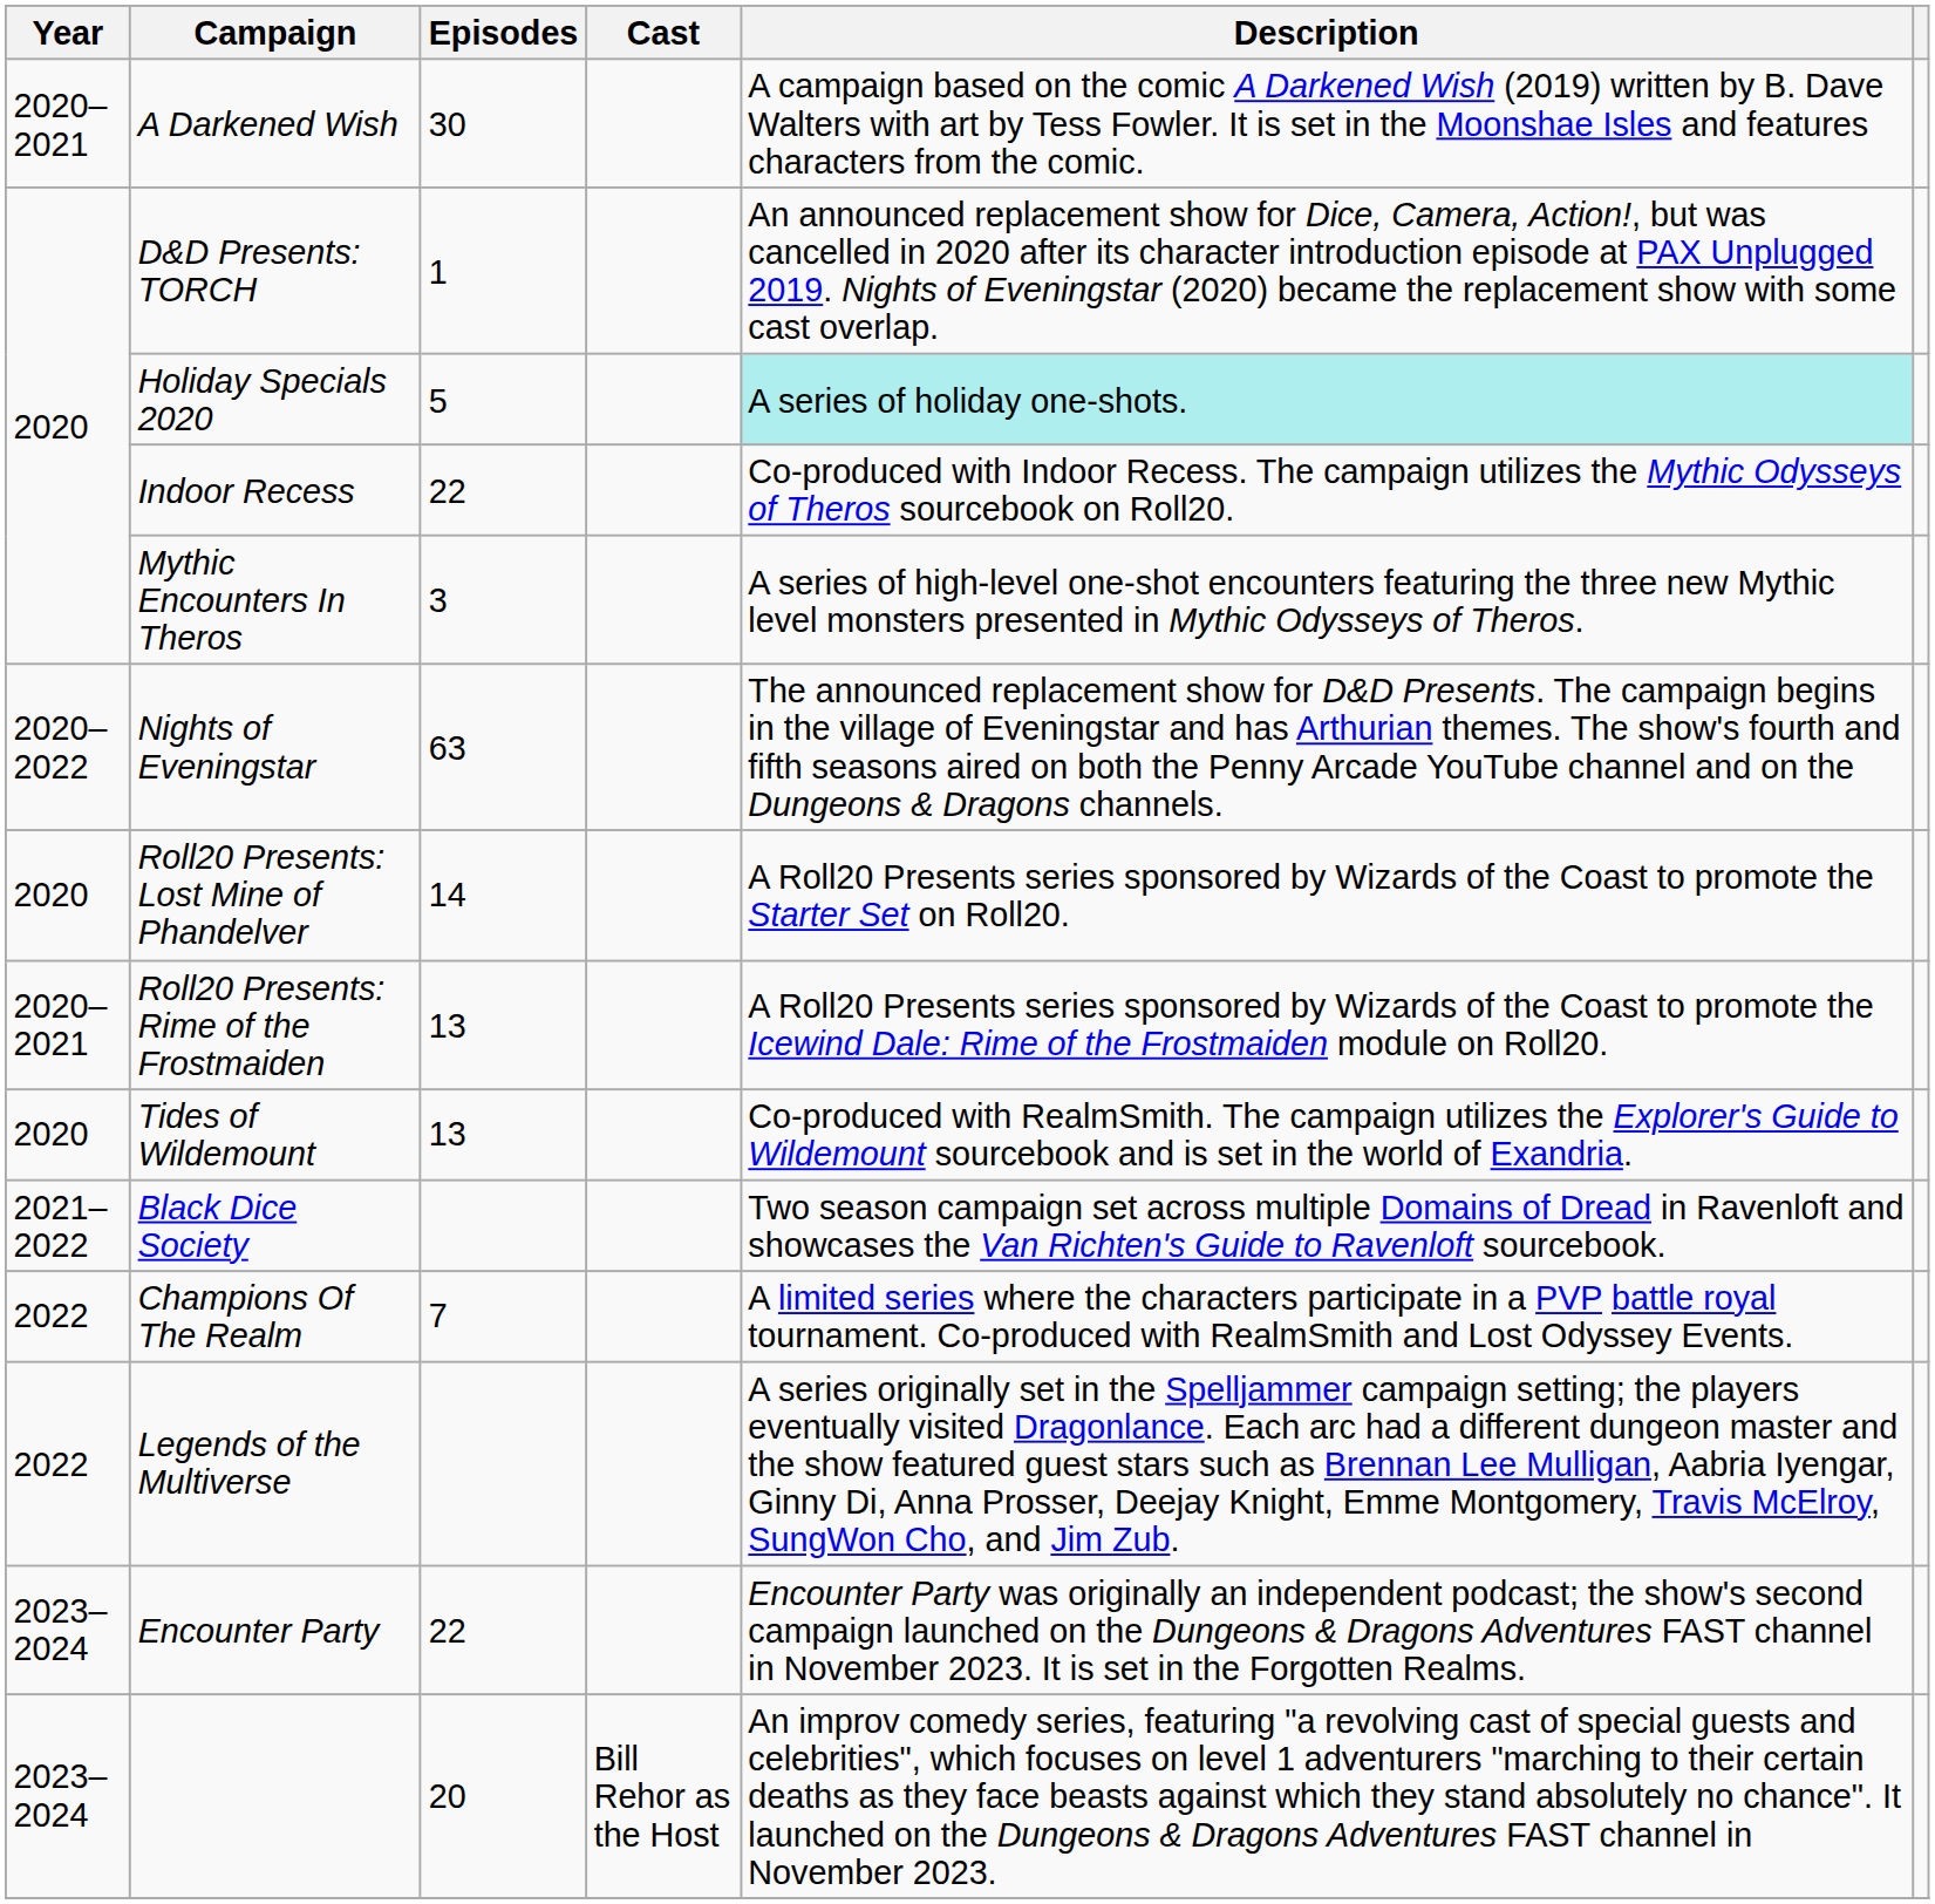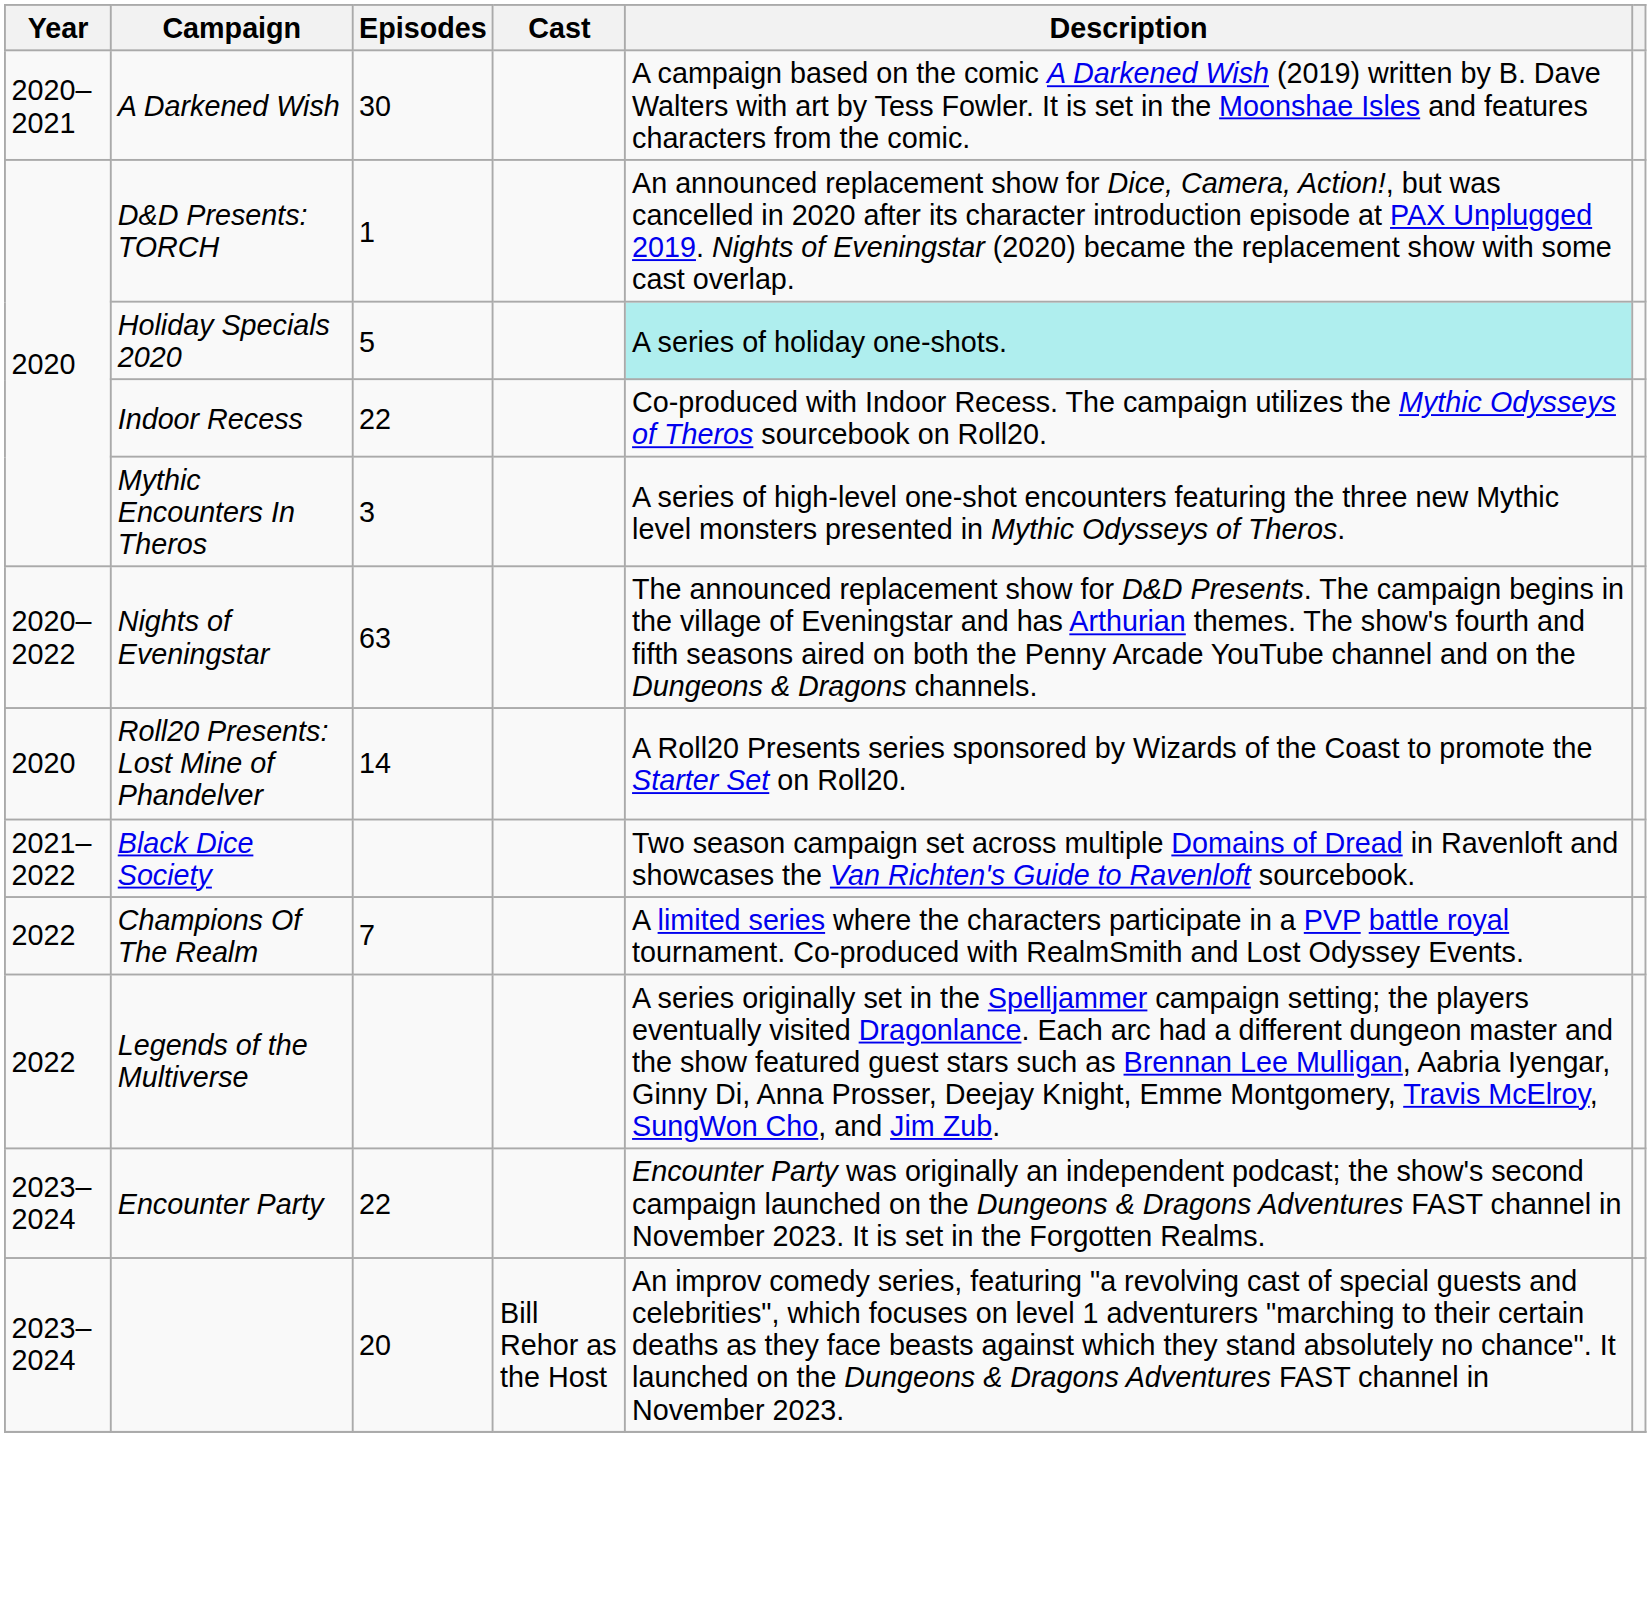 <table class="wikitable sortable" style="margins:auto; width=95%; font-size: 95%;">
 <tr>
 <th>Year</th>
 <th>Campaign</th>
 <th>Episodes</th>
 <th>Cast</th>
 <th>Description</th>
 <th></th>
 </tr>
 <tr>
 <td>2020–2021</td>
 <td><em>A Darkened Wish</em></td>
 <td>30</td>
 <td></td>
 <td>A campaign based on the comic <a href='#'><em>A Darkened Wish</em></a> (2019) written by B. Dave Walters with art by Tess Fowler. It is set in the <a href='#'>Moonshae Isles</a> and features characters from the comic.</td>
 <td></td>
 </tr>
 <tr>
 <td rowspan="4">2020</td>
 <td><em>D&D Presents: TORCH</em></td>
 <td>1</td>
 <td></td>
 <td>An announced replacement show for <em>Dice, Camera, Action!</em>, but was cancelled in 2020 after its character introduction episode at <a href='#'>PAX Unplugged 2019</a>. <em>Nights of Eveningstar</em> (2020) became the replacement show with some cast overlap.</td>
 <td></td>
 </tr>
 <tr>
 <td><em>Holiday Specials 2020</em></td>
 <td>5</td>
 <td></td>
 <td style="background: paleturquoise;">A series of holiday one-shots.</td>
 <td></td>
 </tr>
 <tr>
 <td><em>Indoor Recess</em></td>
 <td>22</td>
 <td></td>
 <td>Co-produced with Indoor Recess. The campaign utilizes the <em><a href='#'>Mythic Odysseys of Theros</a></em> sourcebook on Roll20.</td>
 <td></td>
 </tr>
 <tr>
 <td><em>Mythic Encounters In Theros</em></td>
 <td>3</td>
 <td></td>
 <td>A series of high-level one-shot encounters featuring the three new Mythic level monsters presented in <em>Mythic Odysseys of Theros</em>.</td>
 <td></td>
 </tr>
 <tr>
 <td>2020–2022</td>
 <td><em>Nights of Eveningstar</em></td>
 <td>63</td>
 <td></td>
 <td>The announced replacement show for <em>D&D Presents</em>. The campaign begins in the village of Eveningstar and has <a href='#'>Arthurian</a> themes. The show's fourth and fifth seasons aired on both the Penny Arcade YouTube channel and on the <em>Dungeons & Dragons</em> channels.</td>
 <td></td>
 </tr>
 <tr>
 <td>2020</td>
 <td><em>Roll20 Presents: Lost Mine of Phandelver</em></td>
 <td>14</td>
 <td></td>
 <td>A Roll20 Presents series sponsored by Wizards of the Coast to promote the <em><a href='#'>Starter Set</a></em> on Roll20.</td>
 <td></td>
 </tr>
-<tr>
-<td>2020–2021</td>
-<td><em>Roll20 Presents: Rime of the Frostmaiden</em></td>
-<td>13</td>
-<td></td>
-<td>A Roll20 Presents series sponsored by Wizards of the Coast to promote the <em><a href='#'>Icewind Dale: Rime of the Frostmaiden</a></em> module on Roll20.</td>
-<td></td>
-</tr>
-<tr>
-<td>2020</td>
-<td><em>Tides of Wildemount</em></td>
-<td>13</td>
-<td></td>
-<td>Co-produced with RealmSmith. The campaign utilizes the <em><a href='#'>Explorer's Guide to Wildemount</a></em> sourcebook and is set in the world of <a href='#'>Exandria</a>.</td>
-<td></td>
-</tr>
 <tr id="Black Dice Society">
 <td>2021–2022</td>
 <td><em><a href='#'>Black Dice Society</a></em></td>
 <td></td>
 <td></td>
 <td>Two season campaign set across multiple <a href='#'>Domains of Dread</a> in Ravenloft and showcases the <em><a href='#'>Van Richten's Guide to Ravenloft</a></em> sourcebook.</td>
 <td></td>
 </tr>
 <tr>
 <td>2022</td>
 <td><em>Champions Of The Realm</em></td>
 <td>7</td>
 <td></td>
 <td>A <a href='#'>limited series</a> where the characters participate in a <a href='#'>PVP</a> <a href='#'>battle royal</a> tournament. Co-produced with RealmSmith and Lost Odyssey Events.</td>
 <td></td>
 </tr>
 <tr>
 <td>2022</td>
 <td><em>Legends of the Multiverse</em></td>
 <td> </td>
 <td></td>
 <td>A series originally set in the <a href='#'>Spelljammer</a> campaign setting; the players eventually visited <a href='#'>Dragonlance</a>. Each arc had a different dungeon master and the show featured guest stars such as <a href='#'>Brennan Lee Mulligan</a>, Aabria Iyengar, Ginny Di, Anna Prosser, Deejay Knight, Emme Montgomery, <a href='#'>Travis McElroy</a>, <a href='#'>SungWon Cho</a>, and <a href='#'>Jim Zub</a>.</td>
 <td></td>
 </tr>
 <tr>
 <td>2023–2024</td>
 <td><em>Encounter Party</em></td>
 <td>22</td>
 <td></td>
 <td><em>Encounter Party</em> was originally an independent podcast; the show's second campaign launched on the <em>Dungeons & Dragons Adventures</em> FAST channel in November 2023. It is set in the Forgotten Realms.</td>
 <td></td>
 </tr>
 <tr>
 <td>2023–2024</td>
 <td><em></em></td>
 <td>20</td>
 <td>Bill Rehor as the Host</td>
 <td>An improv comedy series, featuring "a revolving cast of special guests and celebrities", which focuses on level 1 adventurers "marching to their certain deaths as they face beasts against which they stand absolutely no chance". It launched on the <em>Dungeons & Dragons Adventures</em> FAST channel in November 2023.</td>
 <td></td>
 </tr>
 <tr>
 </tr>
 </table>
